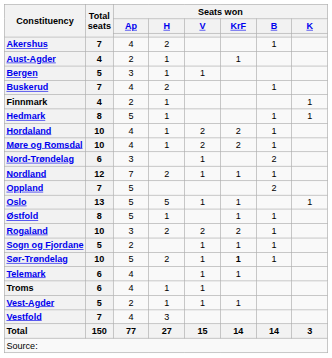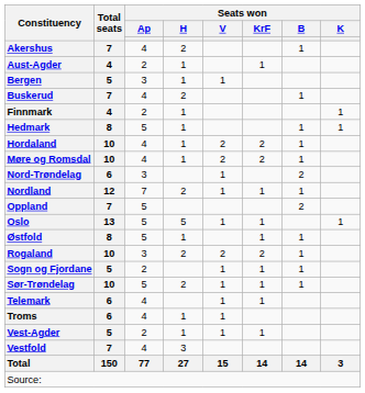 <table class="wikitable" style="text-align:center; font-size: 0.9em;">
 <tr>
 <th rowspan="3">Constituency</th>
 <th rowspan="3">Total<br>seats</th>
 <th colspan="6">Seats won</th>
 </tr>
 <tr>
 <th class="unsortable" style="width:50px;"><a href='#'>Ap</a></th>
 <th class="unsortable" style="width:50px;"><a href='#'>H</a></th>
 <th class="unsortable" style="width:50px;"><a href='#'>V</a></th>
 <th class="unsortable" style="width:50px;"><a href='#'>KrF</a></th>
 <th class="unsortable" style="width:50px;"><a href='#'>B</a></th>
 <th class="unsortable" style="width:50px;"><a href='#'>K</a></th>
 </tr>
 <tr>
 <th style="background:"></th>
 <th style="background:"></th>
 <th style="background:"></th>
 <th style="background:"></th>
 <th style="background:"></th>
 <th style="background:"></th>
 </tr>
 <tr>
 <th style="text-align: left;"><a href='#'>Akershus</a></th>
 <th>7</th>
 <td>4</td>
 <td>2</td>
 <td></td>
 <td></td>
 <td>1</td>
 <td></td>
 </tr>
 <tr>
 <th style="text-align: left;"><a href='#'>Aust-Agder</a></th>
 <th>4</th>
 <td>2</td>
 <td>1</td>
 <td></td>
 <td>1</td>
 <td></td>
 <td></td>
 </tr>
 <tr>
 <th style="text-align: left;"><a href='#'>Bergen</a></th>
 <th>5</th>
 <td>3</td>
 <td>1</td>
 <td>1</td>
 <td></td>
 <td></td>
 <td></td>
 </tr>
 <tr>
 <th style="text-align: left;"><a href='#'>Buskerud</a></th>
 <th>7</th>
 <td>4</td>
 <td>2</td>
 <td></td>
 <td></td>
 <td>1</td>
 <td></td>
 </tr>
 <tr>
 <th style="text-align: left;">Finnmark</th>
 <th>4</th>
 <td>2</td>
 <td>1</td>
 <td></td>
 <td></td>
 <td></td>
 <td>1</td>
 </tr>
 <tr>
 <th style="text-align: left;"><a href='#'>Hedmark</a></th>
 <th>8</th>
 <td>5</td>
 <td>1</td>
 <td></td>
 <td></td>
 <td>1</td>
 <td>1</td>
 </tr>
 <tr>
 <th style="text-align: left;"><a href='#'>Hordaland</a></th>
 <th>10</th>
 <td>4</td>
 <td>1</td>
 <td>2</td>
 <td>2</td>
 <td>1</td>
 <td></td>
 </tr>
 <tr>
 <th style="text-align: left;"><a href='#'>Møre og Romsdal</a></th>
 <th>10</th>
 <td>4</td>
 <td>1</td>
 <td>2</td>
 <td>2</td>
 <td>1</td>
 <td></td>
 </tr>
 <tr>
 <th style="text-align: left;"><a href='#'>Nord-Trøndelag</a></th>
 <th>6</th>
 <td>3</td>
 <td></td>
 <td>1</td>
 <td></td>
 <td>2</td>
 <td></td>
 </tr>
 <tr>
 <th style="text-align: left;"><a href='#'>Nordland</a></th>
 <th>12</th>
 <td>7</td>
 <td>2</td>
 <td>1</td>
 <td>1</td>
 <td>1</td>
 <td></td>
 </tr>
 <tr>
 <th style="text-align: left;"><a href='#'>Oppland</a></th>
 <th>7</th>
 <td>5</td>
 <td></td>
 <td></td>
 <td></td>
 <td>2</td>
 <td></td>
 </tr>
 <tr>
 <th style="text-align: left;"><a href='#'>Oslo</a></th>
 <th>13</th>
 <td>5</td>
 <td>5</td>
 <td>1</td>
 <td>1</td>
 <td></td>
 <td>1</td>
 </tr>
 <tr>
 <th style="text-align: left;"><a href='#'>Østfold</a></th>
 <th>8</th>
 <td>5</td>
 <td>1</td>
 <td></td>
 <td>1</td>
 <td>1</td>
 <td></td>
 </tr>
 <tr>
 <th style="text-align: left;"><a href='#'>Rogaland</a></th>
 <th>10</th>
 <td>3</td>
 <td>2</td>
 <td>2</td>
 <td>2</td>
 <td>1</td>
 <td></td>
 </tr>
 <tr>
 <th style="text-align: left;"><a href='#'>Sogn og Fjordane</a></th>
 <th>5</th>
 <td>2</td>
 <td></td>
 <td>1</td>
 <td>1</td>
 <td>1</td>
 <td></td>
 </tr>
 <tr>
 <th style="text-align: left;"><a href='#'>Sør-Trøndelag</a></th>
 <th>10</th>
 <td>5</td>
 <td>2</td>
 <td>1</td>
-<td><strong>1</strong></td>
+<td>1</td>
 <td>1</td>
 <td></td>
 </tr>
 <tr>
 <th style="text-align: left;"><a href='#'>Telemark</a></th>
 <th>6</th>
 <td>4</td>
 <td></td>
 <td>1</td>
 <td>1</td>
 <td></td>
 <td></td>
 </tr>
 <tr>
 <th style="text-align: left;">Troms</th>
 <th>6</th>
 <td>4</td>
 <td>1</td>
 <td>1</td>
 <td></td>
 <td></td>
 <td></td>
 </tr>
 <tr>
 <th style="text-align: left;"><a href='#'>Vest-Agder</a></th>
 <th>5</th>
 <td>2</td>
 <td>1</td>
 <td>1</td>
 <td>1</td>
 <td></td>
 <td></td>
 </tr>
 <tr>
 <th style="text-align: left;"><a href='#'>Vestfold</a></th>
 <th>7</th>
 <td>4</td>
 <td>3</td>
 <td></td>
 <td></td>
 <td></td>
 <td></td>
 </tr>
 <tr>
 <th style="text-align: left;">Total</th>
 <th>150</th>
 <th>77</th>
 <th>27</th>
 <th>15</th>
 <th>14</th>
 <th>14</th>
 <th>3</th>
 </tr>
 <tr>
 <td align=left colspan="8">Source: </td>
 </tr>
 </table>
